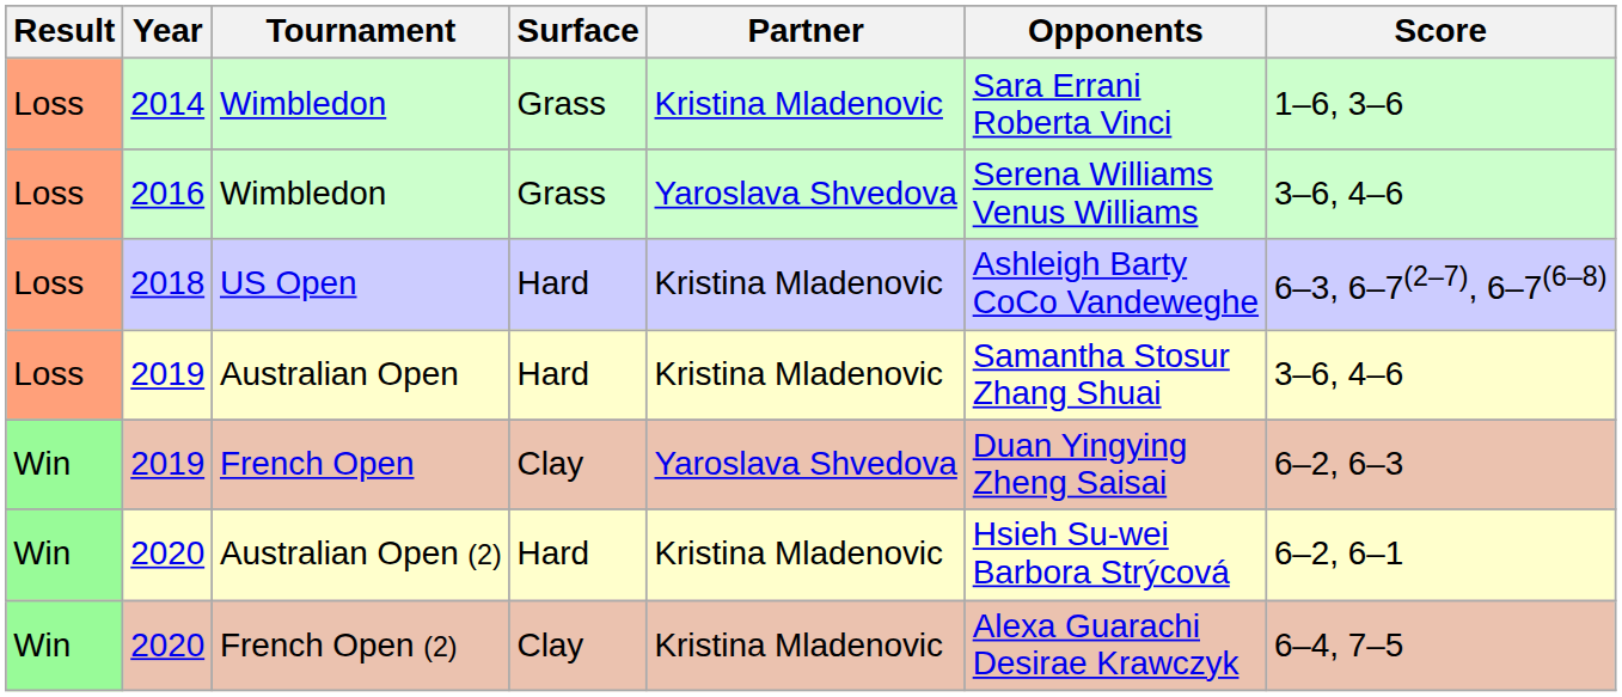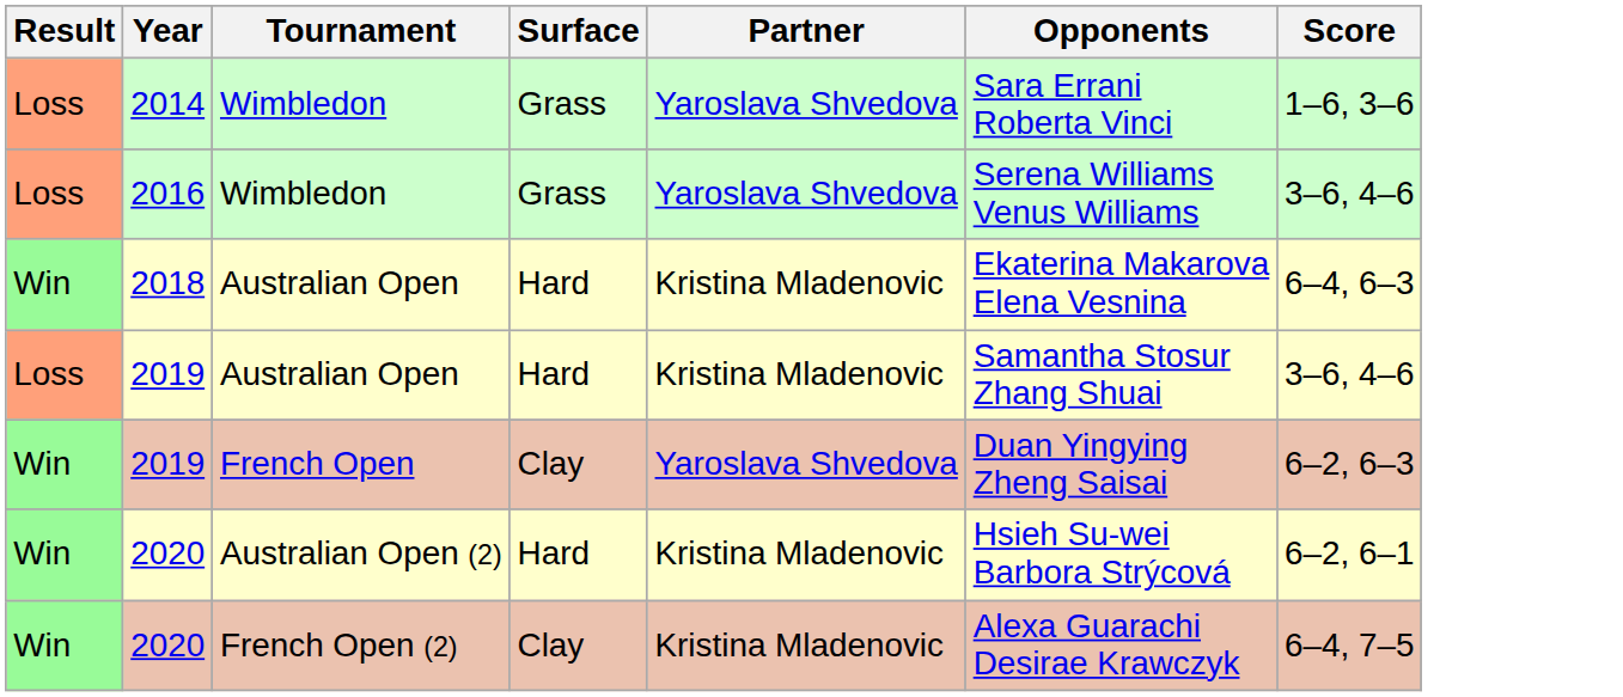 <table class="sortable wikitable">
 <tr>
 <th>Result</th>
 <th>Year</th>
 <th>Tournament</th>
 <th>Surface</th>
 <th>Partner</th>
 <th>Opponents</th>
 <th class="unsortable">Score</th>
 </tr>
 <tr style="background:#CCFFCC">
 <td style="background:#ffa07a">Loss</td>
 <td><a href='#'>2014</a></td>
 <td><a href='#'>Wimbledon</a></td>
 <td>Grass</td>
-<td> <a href='#'>Kristina Mladenovic</a></td>
+<td> <a href='#'>Yaroslava Shvedova</a></td>
 <td> <a href='#'>Sara Errani</a><br> <a href='#'>Roberta Vinci</a></td>
 <td>1–6, 3–6</td>
 </tr>
 <tr style="background:#CCFFCC">
 <td style="background:#ffa07a">Loss</td>
 <td><a href='#'>2016</a></td>
 <td>Wimbledon</td>
 <td>Grass</td>
 <td> <a href='#'>Yaroslava Shvedova</a></td>
 <td> <a href='#'>Serena Williams</a><br> <a href='#'>Venus Williams</a></td>
 <td>3–6, 4–6</td>
 </tr>
-<tr style="background:#CCCCFF">
-<td style="background:#ffa07a">Loss</td>
+<tr style="background:#FFFFCC">
+<td style="background:#98fb98">Win</td>
 <td><a href='#'>2018</a></td>
-<td><a href='#'>US Open</a></td>
+<td>Australian Open</td>
 <td>Hard</td>
 <td> Kristina Mladenovic</td>
-<td> <a href='#'>Ashleigh Barty</a><br> <a href='#'>CoCo Vandeweghe</a></td>
-<td>6–3, 6–7<sup>(2–7)</sup>, 6–7<sup>(6–8)</sup></td>
+<td> <a href='#'>Ekaterina Makarova</a><br> <a href='#'>Elena Vesnina</a></td>
+<td>6–4, 6–3</td>
 </tr>
 <tr style="background:#FFFFCC">
 <td style="background:#ffa07a">Loss</td>
 <td><a href='#'>2019</a></td>
 <td>Australian Open</td>
 <td>Hard</td>
 <td> Kristina Mladenovic</td>
 <td> <a href='#'>Samantha Stosur</a><br> <a href='#'>Zhang Shuai</a></td>
 <td>3–6, 4–6</td>
 </tr>
 <tr style="background:#EBC2AF">
 <td style="background:#98fb98">Win</td>
 <td><a href='#'>2019</a></td>
 <td><a href='#'>French Open</a></td>
 <td>Clay</td>
 <td> <a href='#'>Yaroslava Shvedova</a></td>
 <td> <a href='#'>Duan Yingying</a><br> <a href='#'>Zheng Saisai</a></td>
 <td>6–2, 6–3</td>
 </tr>
 <tr style="background:#FFFFCC">
 <td style="background:#98fb98">Win</td>
 <td><a href='#'>2020</a></td>
 <td>Australian Open <small>(2)</small></td>
 <td>Hard</td>
 <td> Kristina Mladenovic</td>
 <td> <a href='#'>Hsieh Su-wei</a><br> <a href='#'>Barbora Strýcová</a></td>
 <td>6–2, 6–1</td>
 </tr>
 <tr style="background:#EBC2AF">
 <td style="background:#98fb98">Win</td>
 <td><a href='#'>2020</a></td>
 <td>French Open <small>(2)</small></td>
 <td>Clay</td>
 <td> Kristina Mladenovic</td>
 <td> <a href='#'>Alexa Guarachi</a><br> <a href='#'>Desirae Krawczyk</a></td>
 <td>6–4, 7–5</td>
 </tr>
 </table>
